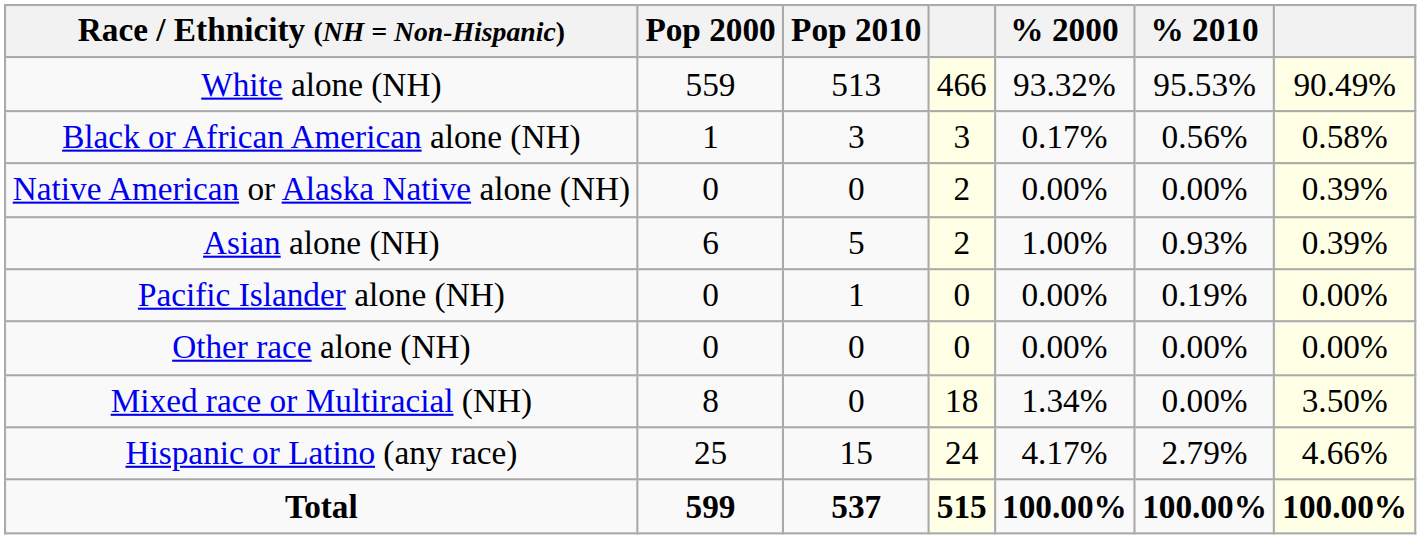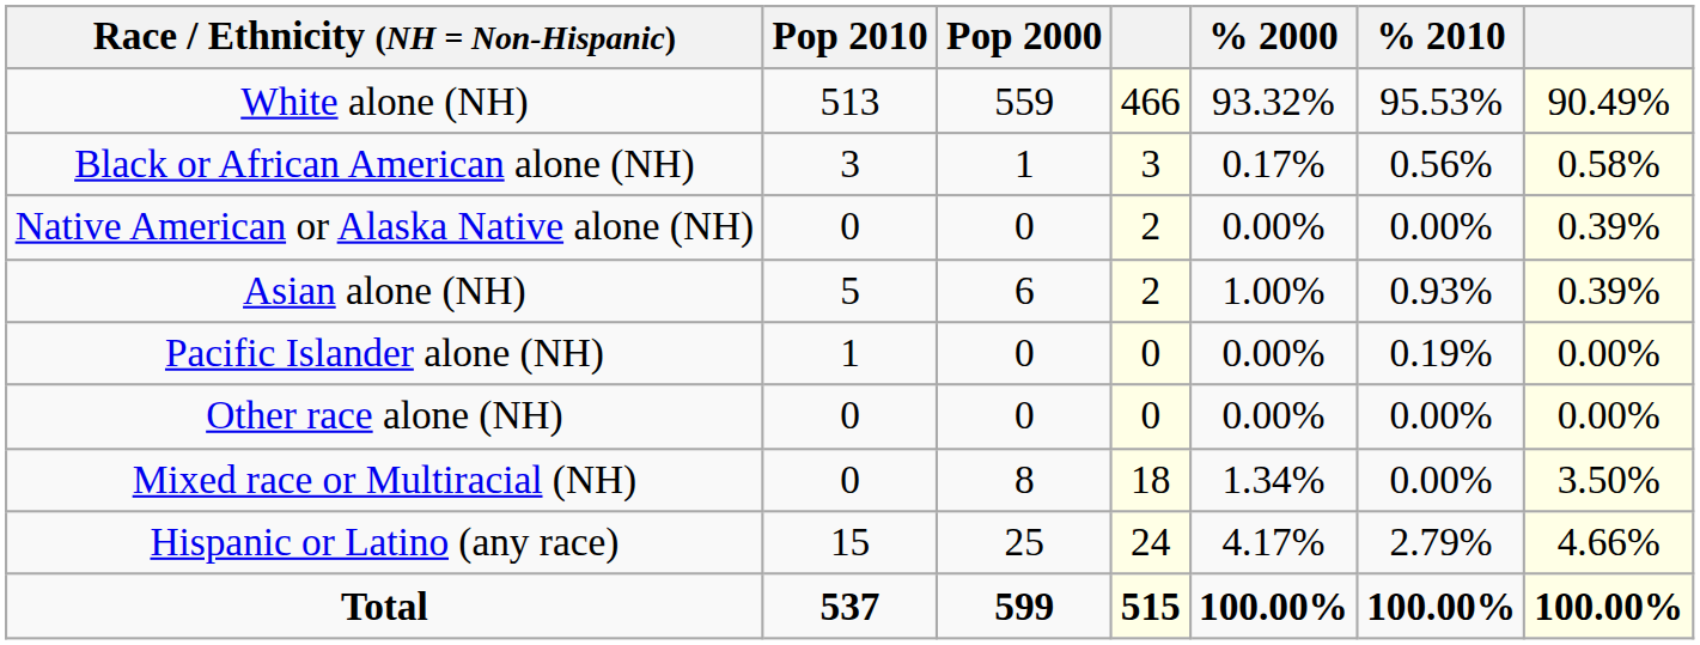 <table class="wikitable" style="text-align:center;">
 <tr>
 <th>Race / Ethnicity <small>(<em>NH = Non-Hispanic</em>)</small></th>
+<th>Pop 2010</th>
 <th>Pop 2000</th>
-<th>Pop 2010</th>
 <th></th>
 <th>% 2000</th>
 <th>% 2010</th>
 <th></th>
 </tr>
 <tr>
 <td><a href='#'>White</a> alone (NH)</td>
+<td>513</td>
 <td>559</td>
-<td>513</td>
 <td style='background: #ffffe6;'>466</td>
 <td>93.32%</td>
 <td>95.53%</td>
 <td style='background: #ffffe6;'>90.49%</td>
 </tr>
 <tr>
 <td><a href='#'>Black or African American</a> alone (NH)</td>
+<td>3</td>
 <td>1</td>
-<td>3</td>
 <td style='background: #ffffe6;'>3</td>
 <td>0.17%</td>
 <td>0.56%</td>
 <td style='background: #ffffe6;'>0.58%</td>
 </tr>
 <tr>
 <td><a href='#'>Native American</a> or <a href='#'>Alaska Native</a> alone (NH)</td>
 <td>0</td>
 <td>0</td>
 <td style='background: #ffffe6;'>2</td>
 <td>0.00%</td>
 <td>0.00%</td>
 <td style='background: #ffffe6;'>0.39%</td>
 </tr>
 <tr>
 <td><a href='#'>Asian</a> alone (NH)</td>
+<td>5</td>
 <td>6</td>
-<td>5</td>
 <td style='background: #ffffe6;'>2</td>
 <td>1.00%</td>
 <td>0.93%</td>
 <td style='background: #ffffe6;'>0.39%</td>
 </tr>
 <tr>
 <td><a href='#'>Pacific Islander</a> alone (NH)</td>
+<td>1</td>
 <td>0</td>
-<td>1</td>
 <td style='background: #ffffe6;'>0</td>
 <td>0.00%</td>
 <td>0.19%</td>
 <td style='background: #ffffe6;'>0.00%</td>
 </tr>
 <tr>
 <td><a href='#'>Other race</a> alone (NH)</td>
 <td>0</td>
 <td>0</td>
 <td style='background: #ffffe6;'>0</td>
 <td>0.00%</td>
 <td>0.00%</td>
 <td style='background: #ffffe6;'>0.00%</td>
 </tr>
 <tr>
 <td><a href='#'>Mixed race or Multiracial</a> (NH)</td>
+<td>0</td>
 <td>8</td>
-<td>0</td>
 <td style='background: #ffffe6;'>18</td>
 <td>1.34%</td>
 <td>0.00%</td>
 <td style='background: #ffffe6;'>3.50%</td>
 </tr>
 <tr>
 <td><a href='#'>Hispanic or Latino</a> (any race)</td>
+<td>15</td>
 <td>25</td>
-<td>15</td>
 <td style='background: #ffffe6;'>24</td>
 <td>4.17%</td>
 <td>2.79%</td>
 <td style='background: #ffffe6;'>4.66%</td>
 </tr>
 <tr>
 <td><strong>Total</strong></td>
+<td><strong>537</strong></td>
 <td><strong>599</strong></td>
-<td><strong>537</strong></td>
 <td style='background: #ffffe6;'><strong>515</strong></td>
 <td><strong>100.00%</strong></td>
 <td><strong>100.00%</strong></td>
 <td style='background: #ffffe6;'><strong>100.00%</strong></td>
 </tr>
 </table>
